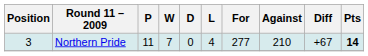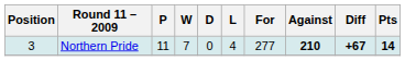 <table class="wikitable" style="text-align:center; font-size:85%;">
 <tr>
 <th width=40 abbr="Position">Position</th>
 <th width=100>Round 11 – 2009</th>
 <th width=20 abbr="Played">P</th>
 <th width=20 abbr="Won">W</th>
 <th width=20 abbr="Drawn">D</th>
 <th width=20 abbr="Lost">L</th>
 <th width=40 abbr="Points for">For</th>
 <th width=40 abbr="Points against">Against</th>
 <th width=40 abbr="Points difference">Diff</th>
 <th width=20 abbr="Points">Pts</th>
 </tr>
 <tr style="background: #d7ebed;">
 <td>3</td>
 <td style="text-align:left;"> <a href='#'>Northern Pride</a></td>
 <td>11</td>
 <td>7</td>
 <td>0</td>
 <td>4</td>
 <td>277</td>
-<td>210</td>
-<td>+67</td>
+<td><strong>210</strong></td>
+<td><strong>+67</strong></td>
 <td><strong>14</strong></td>
 </tr>
 <tr>
 </tr>
 </table>
